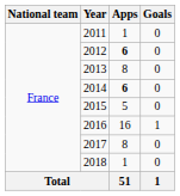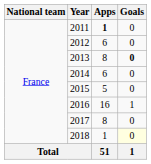 <table class="wikitable" style="text-align:center">
 <tr>
 <th>National team</th>
 <th>Year</th>
 <th>Apps</th>
 <th>Goals</th>
 </tr>
 <tr>
 <td rowspan="8"><a href='#'>France</a></td>
 <td>2011</td>
-<td>1</td>
+<td><strong>1</strong></td>
 <td>0</td>
 </tr>
 <tr>
 <td>2012</td>
-<td><strong>6</strong></td>
+<td>6</td>
 <td>0</td>
 </tr>
 <tr>
 <td>2013</td>
 <td>8</td>
-<td>0</td>
+<td><strong>0</strong></td>
 </tr>
 <tr>
 <td>2014</td>
-<td><strong>6</strong></td>
+<td>6</td>
 <td>0</td>
 </tr>
 <tr>
 <td>2015</td>
 <td>5</td>
 <td>0</td>
 </tr>
 <tr>
 <td>2016</td>
 <td>16</td>
 <td>1</td>
 </tr>
 <tr>
 <td>2017</td>
 <td>8</td>
 <td>0</td>
 </tr>
 <tr>
 <td>2018</td>
 <td>1</td>
-<td>0</td>
+<td style="background: lightyellow;">0</td>
 </tr>
 <tr>
 <th colspan="2">Total</th>
 <th>51</th>
 <th>1</th>
 </tr>
 </table>
